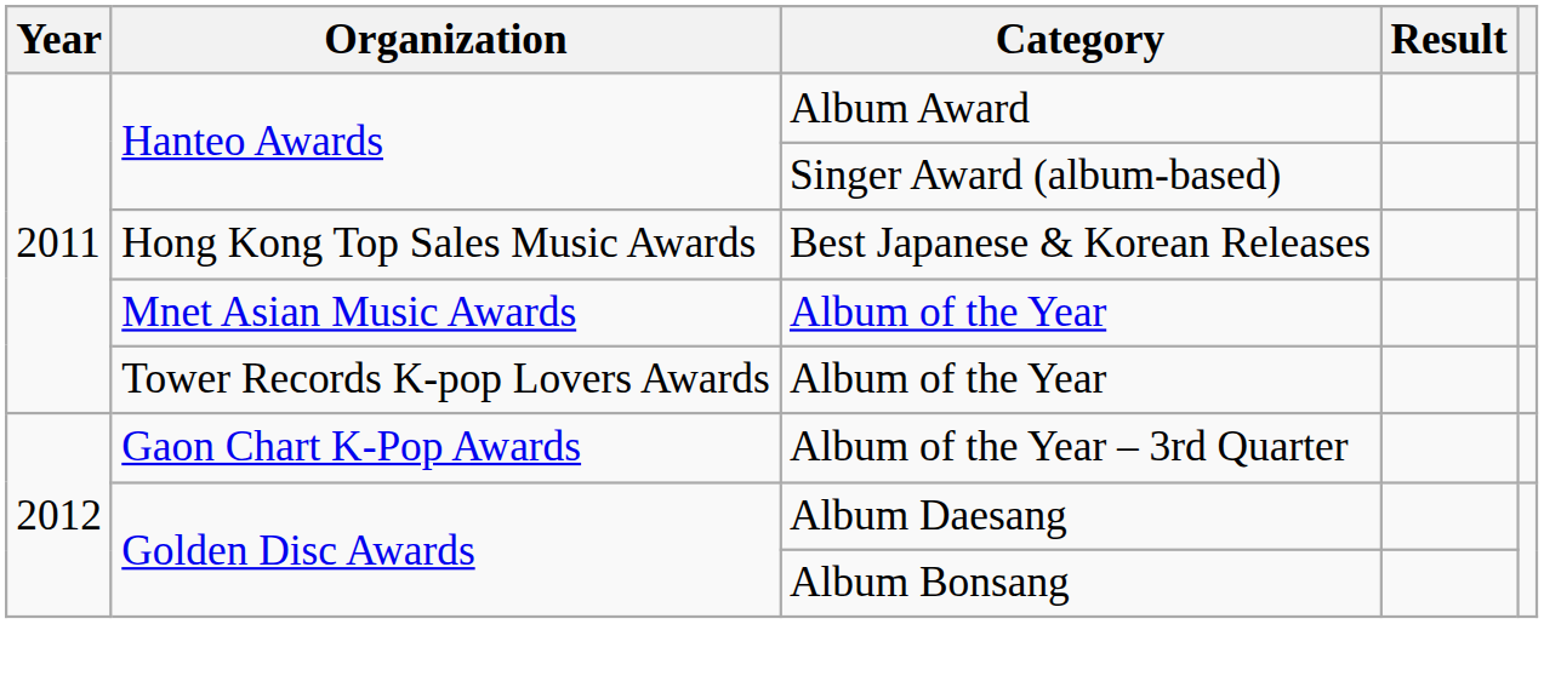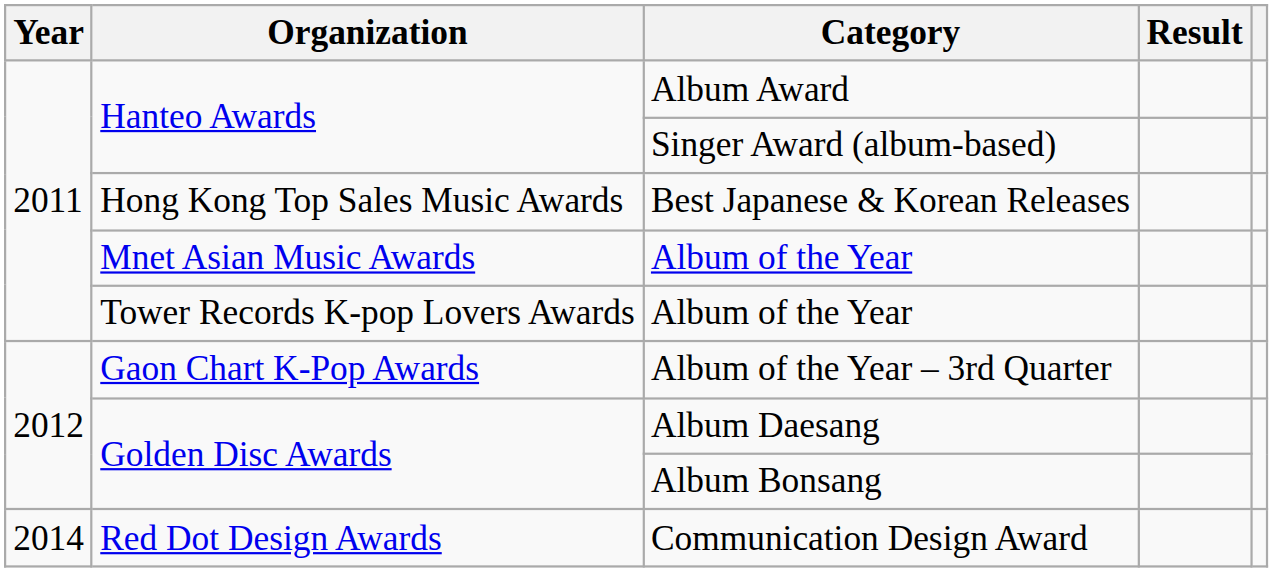 <table class="wikitable plainrowheaders sortable">
 <tr>
 <th>Year</th>
 <th>Organization</th>
 <th>Category</th>
 <th>Result</th>
 <th ! class="unsortable"></th>
 </tr>
 <tr>
 <td rowspan="5">2011</td>
 <td rowspan="2"><a href='#'>Hanteo Awards</a></td>
 <td>Album Award</td>
 <td></td>
 <td align="center"></td>
 </tr>
 <tr>
 <td>Singer Award (album-based)</td>
 <td></td>
 <td align="center"></td>
 </tr>
 <tr>
 <td>Hong Kong Top Sales Music Awards</td>
 <td>Best Japanese & Korean Releases</td>
 <td></td>
 <td align="center"></td>
 </tr>
 <tr>
 <td><a href='#'>Mnet Asian Music Awards</a></td>
 <td><a href='#'>Album of the Year</a></td>
 <td></td>
 <td align="center"></td>
 </tr>
 <tr>
 <td>Tower Records K-pop Lovers Awards</td>
 <td>Album of the Year</td>
 <td></td>
 <td align="center"></td>
 </tr>
 <tr>
 <td rowspan="3">2012</td>
 <td><a href='#'>Gaon Chart K-Pop Awards</a></td>
 <td>Album of the Year – 3rd Quarter</td>
 <td></td>
 <td align="center"></td>
 </tr>
 <tr>
 <td rowspan="2"><a href='#'>Golden Disc Awards</a></td>
 <td>Album Daesang</td>
 <td></td>
 <td align="center" rowspan="2"></td>
 </tr>
 <tr>
 <td>Album Bonsang</td>
 <td></td>
 </tr>
+<tr>
+<td>2014</td>
+<td><a href='#'>Red Dot Design Awards</a></td>
+<td>Communication Design Award</td>
+<td></td>
+<td align="center"></td>
+</tr>
 </table>
